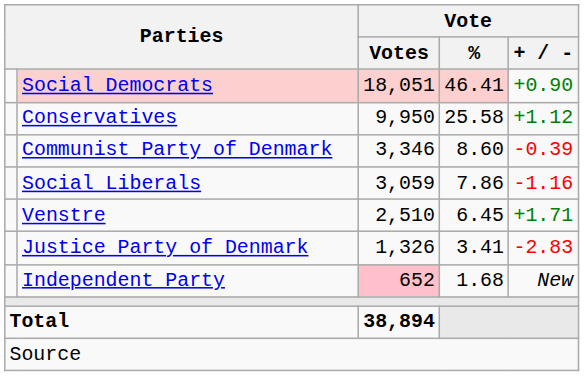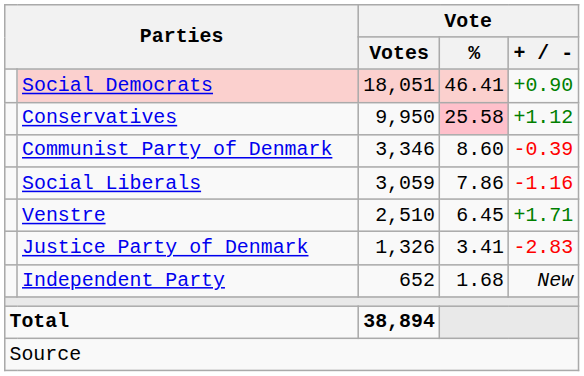 <table class="wikitable" style="text-align:right;">
 <tr>
 <th style="text-align:centre;" rowspan="2" colspan="2" width="225">Parties</th>
 <th colspan="3">Vote</th>
 </tr>
 <tr>
 <th width="15">Votes</th>
 <th width="15">%</th>
 <th width="15">+ / -</th>
 </tr>
 <tr>
 <td width="2" style="color:inherit;background:"></td>
 <td bgcolor=#fbd0ce  align="left"><a href='#'>Social Democrats</a></td>
 <td bgcolor=#fbd0ce>18,051</td>
 <td bgcolor=#fbd0ce>46.41</td>
 <td style=color:green;>+0.90</td>
 </tr>
 <tr>
 <td width="2" style="color:inherit;background:"></td>
 <td align="left"><a href='#'>Conservatives</a></td>
 <td>9,950</td>
-<td>25.58</td>
+<td style="background: pink;">25.58</td>
 <td style=color:green;>+1.12</td>
 </tr>
 <tr>
 <td width="2" style="color:inherit;background:"></td>
 <td align="left"><a href='#'>Communist Party of Denmark</a></td>
 <td>3,346</td>
 <td>8.60</td>
 <td style=color:red;>-0.39</td>
 </tr>
 <tr>
 <td width="2" style="color:inherit;background:"></td>
 <td align="left"><a href='#'>Social Liberals</a></td>
 <td>3,059</td>
 <td>7.86</td>
 <td style=color:red;>-1.16</td>
 </tr>
 <tr>
 <td width="2" style="color:inherit;background:"></td>
 <td align="left"><a href='#'>Venstre</a></td>
 <td>2,510</td>
 <td>6.45</td>
 <td style=color:green;>+1.71</td>
 </tr>
 <tr>
 <td width="2" style="color:inherit;background:"></td>
 <td align="left"><a href='#'>Justice Party of Denmark</a></td>
 <td>1,326</td>
 <td>3.41</td>
 <td style=color:red;>-2.83</td>
 </tr>
 <tr>
 <td width="2" style="color:inherit;background:"></td>
 <td align="left"><a href='#'>Independent Party</a></td>
-<td style="background: pink;">652</td>
+<td>652</td>
 <td>1.68</td>
 <td><em>New</em></td>
 </tr>
 <tr>
 <td colspan="7" bgcolor="#E9E9E9"></td>
 </tr>
 <tr>
 <td align="left" colspan="2"><strong>Total</strong></td>
 <td><strong>38,894</strong></td>
 <td bgcolor="#E9E9E9" colspan="2"></td>
 </tr>
 <tr>
 <td align="left" colspan="6">Source</td>
 </tr>
 </table>
